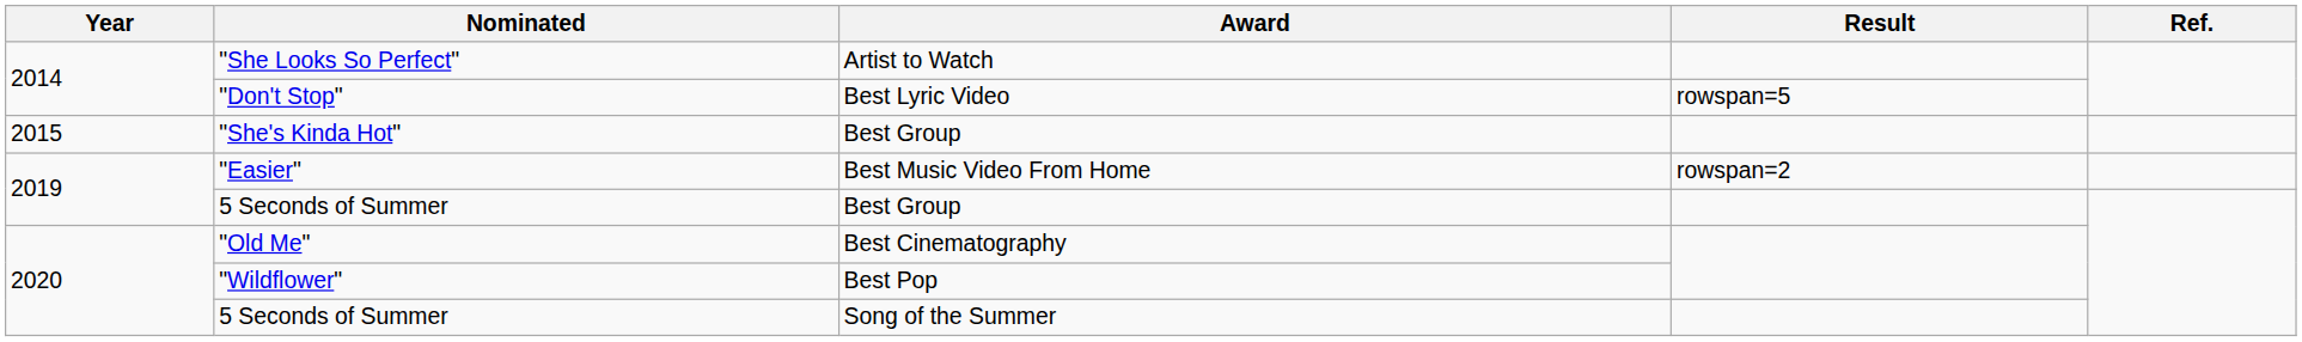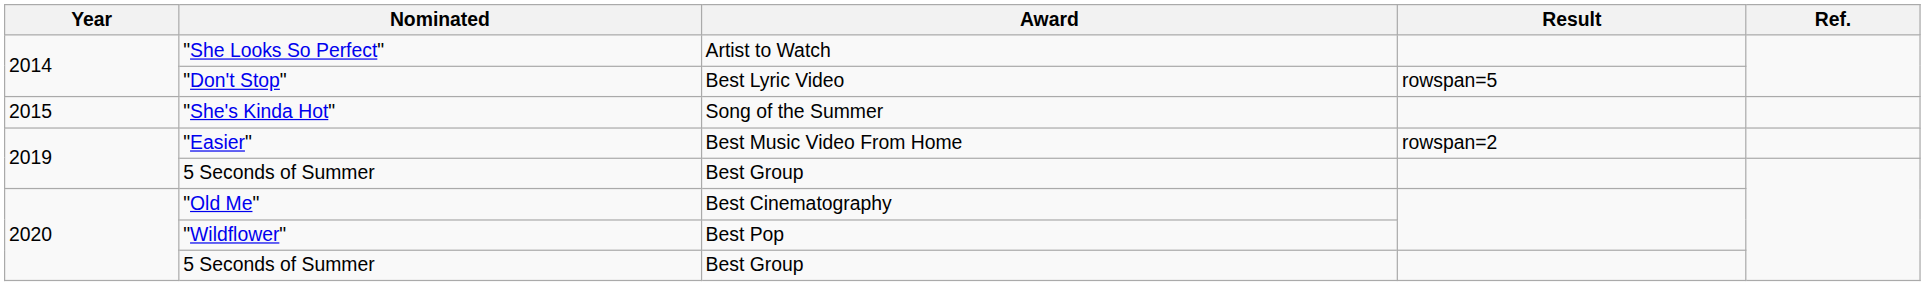 <table class="wikitable" style="width:100%;">
 <tr>
 <th width=5%>Year</th>
 <th style="width:15%;">Nominated</th>
 <th style="width:20%;">Award</th>
 <th style="width:10%;">Result</th>
 <th style="width:5%;">Ref.</th>
 </tr>
 <tr>
 <td rowspan="2">2014</td>
 <td>"<a href='#'>She Looks So Perfect</a>"</td>
 <td>Artist to Watch</td>
 <td></td>
 <td rowspan="2"></td>
 </tr>
 <tr>
 <td>"<a href='#'>Don't Stop</a>"</td>
 <td>Best Lyric Video</td>
 <td>rowspan=5 </td>
 </tr>
 <tr>
 <td>2015</td>
 <td>"<a href='#'>She's Kinda Hot</a>"</td>
-<td>Best Group</td>
+<td>Song of the Summer</td>
 <td></td>
 </tr>
 <tr>
 <td rowspan=2>2019</td>
 <td>"<a href='#'>Easier</a>"</td>
 <td>Best Music Video From Home</td>
 <td>rowspan=2 </td>
 <td></td>
 </tr>
 <tr>
 <td>5 Seconds of Summer</td>
 <td>Best Group</td>
 <td></td>
 </tr>
 <tr>
 <td rowspan="3">2020</td>
 <td>"<a href='#'>Old Me</a>"</td>
 <td>Best Cinematography</td>
 <td rowspan="2"></td>
 </tr>
 <tr>
 <td>"<a href='#'>Wildflower</a>"</td>
 <td>Best Pop</td>
 </tr>
 <tr>
 <td>5 Seconds of Summer</td>
-<td>Song of the Summer</td>
+<td>Best Group</td>
 <td></td>
 </tr>
 </table>
